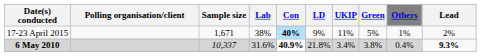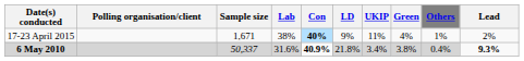 <table class="wikitable sortable" style="text-align:center;font-size:90%;line-height:14px">
 <tr>
 <th ! style="width:100px;">Date(s)<br>conducted</th>
 <th style="width:200px;">Polling organisation/client</th>
 <th class="unsortable" style="width:75px;">Sample size</th>
 <th class="unsortable" style="background:"><a href='#'><span>Lab</span></a></th>
 <th class="unsortable" style="background:"><a href='#'><span>Con</span></a></th>
 <th class="unsortable" style="background:"><a href='#'><span>LD</span></a></th>
 <th class="unsortable" style="background:"><a href='#'><span>UKIP</span></a></th>
 <th class="unsortable" style="background:"><a href='#'><span>Green</span></a></th>
 <th class="unsortable" style="background:gray; width:50px;"><a href='#'><span>Others</span></a></th>
 <th class="unsortable" style="width:80px;">Lead</th>
 </tr>
 <tr>
 <td>17-23 April 2015</td>
 <td> </td>
 <td>1,671</td>
 <td>38%</td>
 <td style="background:#B3E0FF"><strong>40%</strong></td>
 <td>9%</td>
 <td>11%</td>
-<td>5%</td>
+<td>4%</td>
 <td>1%</td>
 <td style="background:">2%</td>
 </tr>
 <tr>
 <td style="background:#D5D5D5"><strong>6 May 2010</strong></td>
 <td style="background:#D5D5D5"></td>
-<td style="background:#D5D5D5"><em>10,337</em></td>
+<td style="background:#D5D5D5"><em>50,337</em></td>
 <td style="background:#D5D5D5">31.6%</td>
 <td style="background:"><strong>40.9%</strong></td>
 <td style="background:#D5D5D5">21.8%</td>
 <td style="background:#D5D5D5">3.4%</td>
 <td style="background:#D5D5D5">3.8%</td>
 <td style="background:#D5D5D5">0.4%</td>
 <td style="background:"><strong>9.3% </strong></td>
 </tr>
 </table>
